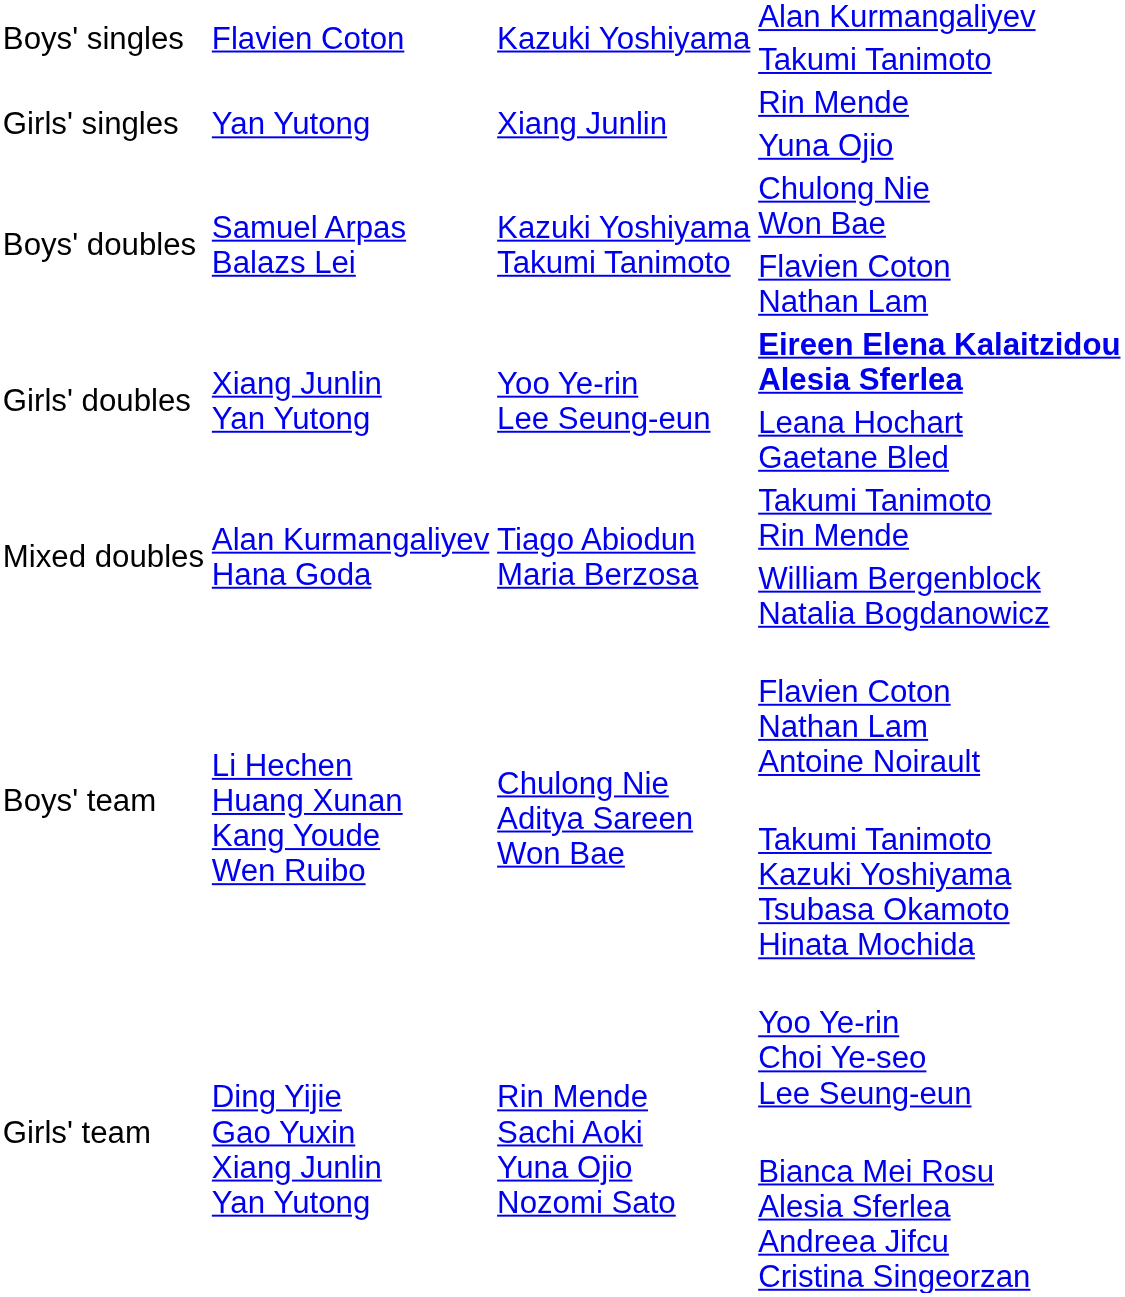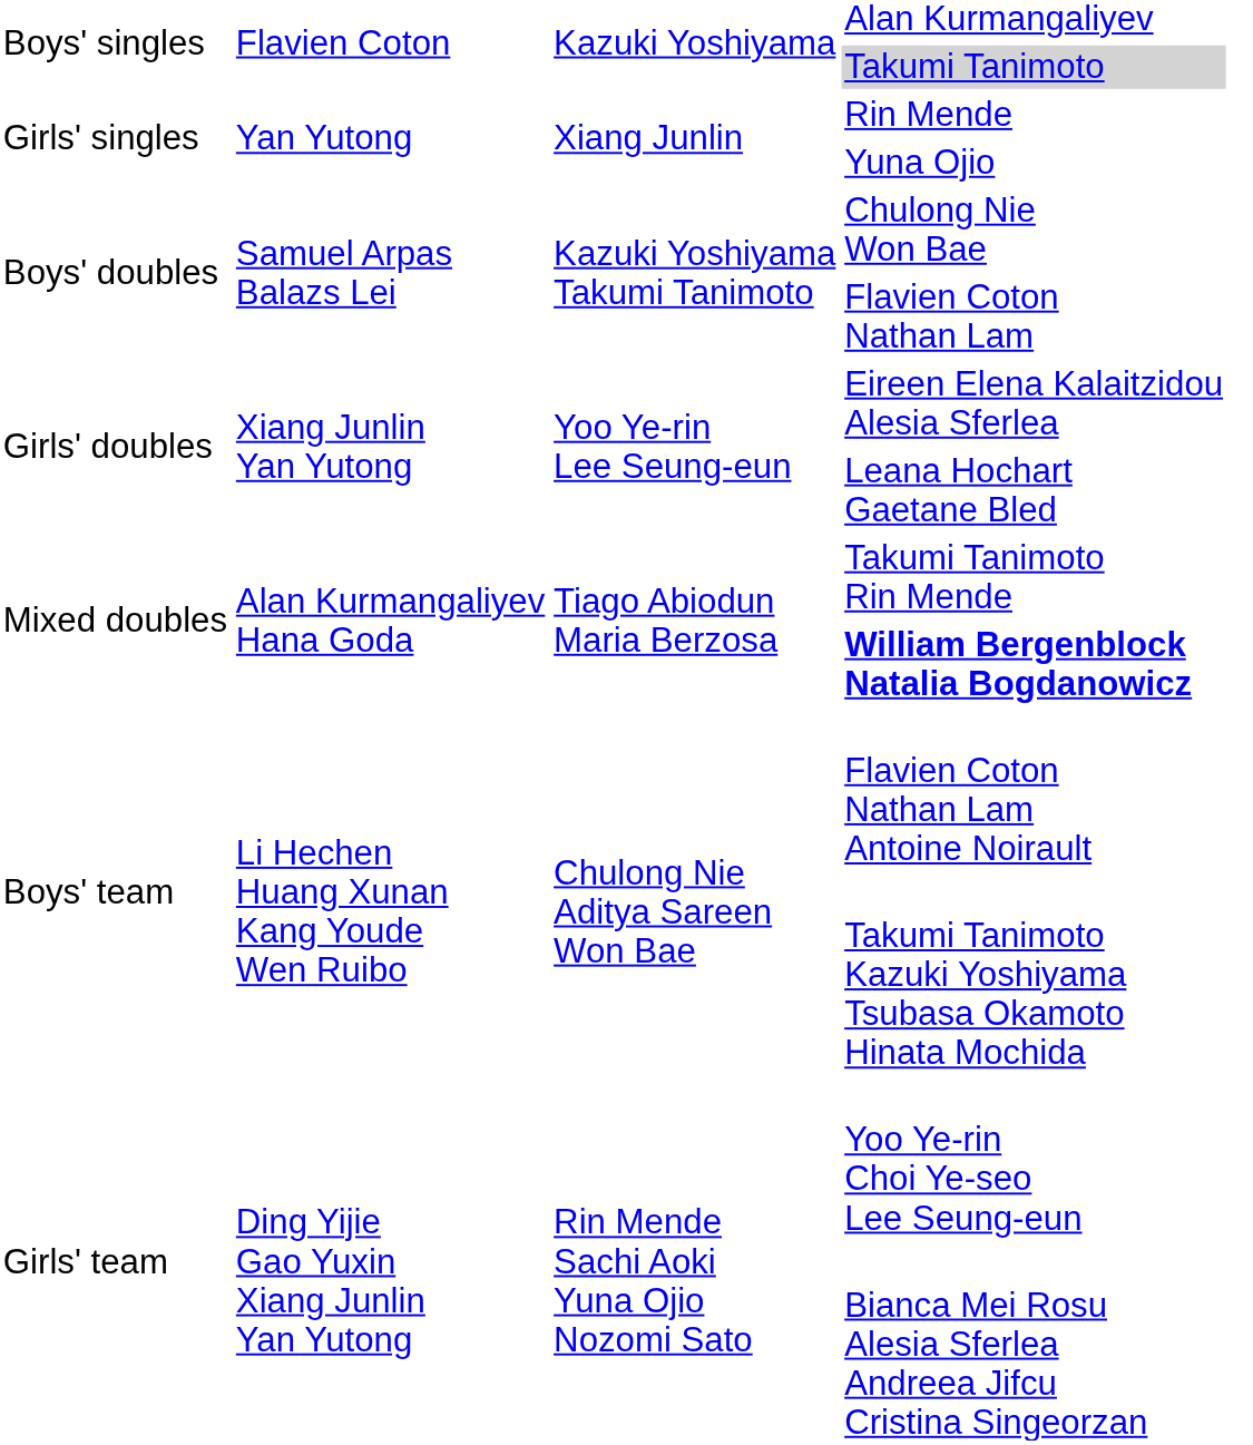 <table>
 <tr>
 <td rowspan=2>Boys' singles</td>
 <td rowspan=2> <a href='#'>Flavien Coton</a></td>
 <td rowspan=2> <a href='#'>Kazuki Yoshiyama</a></td>
 <td> <a href='#'>Alan Kurmangaliyev</a></td>
 </tr>
 <tr>
-<td> <a href='#'>Takumi Tanimoto</a></td>
+<td style="background: lightgrey;"> <a href='#'>Takumi Tanimoto</a></td>
 </tr>
 <tr>
 <td rowspan=2>Girls' singles</td>
 <td rowspan=2> <a href='#'>Yan Yutong</a></td>
 <td rowspan=2> <a href='#'>Xiang Junlin</a></td>
 <td> <a href='#'>Rin Mende</a></td>
 </tr>
 <tr>
 <td> <a href='#'>Yuna Ojio</a></td>
 </tr>
 <tr>
 <td rowspan=2>Boys' doubles</td>
 <td rowspan=2> <a href='#'>Samuel Arpas</a><br> <a href='#'>Balazs Lei</a></td>
 <td rowspan=2> <a href='#'>Kazuki Yoshiyama</a><br> <a href='#'>Takumi Tanimoto</a></td>
 <td> <a href='#'>Chulong Nie</a><br> <a href='#'>Won Bae</a></td>
 </tr>
 <tr>
 <td> <a href='#'>Flavien Coton</a><br> <a href='#'>Nathan Lam</a></td>
 </tr>
 <tr>
 <td rowspan=2>Girls' doubles</td>
 <td rowspan=2> <a href='#'>Xiang Junlin</a><br> <a href='#'>Yan Yutong</a></td>
 <td rowspan=2> <a href='#'>Yoo Ye-rin</a><br> <a href='#'>Lee Seung-eun</a></td>
-<td><strong> <a href='#'>Eireen Elena Kalaitzidou</a><br> <a href='#'>Alesia Sferlea</a></strong></td>
+<td> <a href='#'>Eireen Elena Kalaitzidou</a><br> <a href='#'>Alesia Sferlea</a></td>
 </tr>
 <tr>
 <td> <a href='#'>Leana Hochart</a><br> <a href='#'>Gaetane Bled</a></td>
 </tr>
 <tr>
 <td rowspan=2>Mixed doubles</td>
 <td rowspan=2> <a href='#'>Alan Kurmangaliyev</a><br> <a href='#'>Hana Goda</a></td>
 <td rowspan=2> <a href='#'>Tiago Abiodun</a><br> <a href='#'>Maria Berzosa</a></td>
 <td> <a href='#'>Takumi Tanimoto</a><br> <a href='#'>Rin Mende</a></td>
 </tr>
 <tr>
-<td> <a href='#'>William Bergenblock</a><br> <a href='#'>Natalia Bogdanowicz</a></td>
+<td><strong> <a href='#'>William Bergenblock</a><br> <a href='#'>Natalia Bogdanowicz</a></strong></td>
 </tr>
 <tr>
 <td rowspan=2>Boys' team</td>
 <td rowspan=2><br><a href='#'>Li Hechen</a><br><a href='#'>Huang Xunan</a><br><a href='#'>Kang Youde</a><br><a href='#'>Wen Ruibo</a></td>
 <td rowspan=2><br><a href='#'>Chulong Nie</a><br><a href='#'>Aditya Sareen</a><br><a href='#'>Won Bae</a></td>
 <td><br><a href='#'>Flavien Coton</a><br><a href='#'>Nathan Lam</a><br><a href='#'>Antoine Noirault</a></td>
 </tr>
 <tr>
 <td><br><a href='#'>Takumi Tanimoto</a><br><a href='#'>Kazuki Yoshiyama</a><br><a href='#'>Tsubasa Okamoto</a><br><a href='#'>Hinata Mochida</a></td>
 </tr>
 <tr>
 <td rowspan=2>Girls' team</td>
 <td rowspan=2><br><a href='#'>Ding Yijie</a><br><a href='#'>Gao Yuxin</a><br><a href='#'>Xiang Junlin</a><br><a href='#'>Yan Yutong</a></td>
 <td rowspan=2><br><a href='#'>Rin Mende</a><br><a href='#'>Sachi Aoki</a><br><a href='#'>Yuna Ojio</a><br><a href='#'>Nozomi Sato</a></td>
 <td><br><a href='#'>Yoo Ye-rin</a><br><a href='#'>Choi Ye-seo</a><br><a href='#'>Lee Seung-eun</a></td>
 </tr>
 <tr>
 <td><br><a href='#'>Bianca Mei Rosu</a><br><a href='#'>Alesia Sferlea</a><br><a href='#'>Andreea Jifcu</a><br><a href='#'>Cristina Singeorzan</a></td>
 </tr>
 </table>
